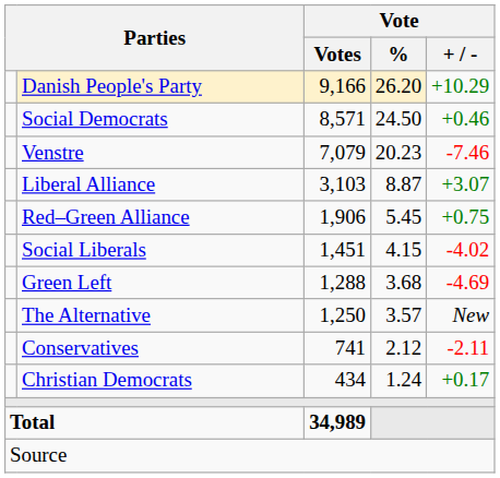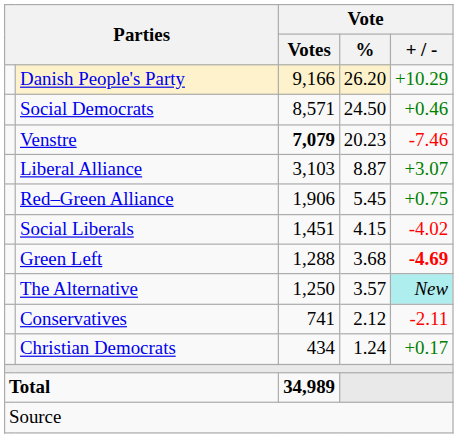 <table class="wikitable" style="text-align:right;">
 <tr>
 <th style="text-align:centre;" rowspan="2" colspan="2" width="225">Parties</th>
 <th colspan="3">Vote</th>
 </tr>
 <tr>
 <th width="15">Votes</th>
 <th width="15">%</th>
 <th width="15">+ / -</th>
 </tr>
 <tr>
 <td width="2" style="color:inherit;background:"></td>
 <td bgcolor=#fef2cc  align="left"><a href='#'>Danish People's Party</a></td>
 <td bgcolor=#fef2cc>9,166</td>
 <td bgcolor=#fef2cc>26.20</td>
 <td style=color:green;>+10.29</td>
 </tr>
 <tr>
 <td width="2" style="color:inherit;background:"></td>
 <td align="left"><a href='#'>Social Democrats</a></td>
 <td>8,571</td>
 <td>24.50</td>
 <td style=color:green;>+0.46</td>
 </tr>
 <tr>
 <td width="2" style="color:inherit;background:"></td>
 <td align="left"><a href='#'>Venstre</a></td>
-<td>7,079</td>
+<td><strong>7,079</strong></td>
 <td>20.23</td>
 <td style=color:red;>-7.46</td>
 </tr>
 <tr>
 <td width="2" style="color:inherit;background:"></td>
 <td align="left"><a href='#'>Liberal Alliance</a></td>
 <td>3,103</td>
 <td>8.87</td>
 <td style=color:green;>+3.07</td>
 </tr>
 <tr>
 <td width="2" style="color:inherit;background:"></td>
 <td align="left"><a href='#'>Red–Green Alliance</a></td>
 <td>1,906</td>
 <td>5.45</td>
 <td style=color:green;>+0.75</td>
 </tr>
 <tr>
 <td width="2" style="color:inherit;background:"></td>
 <td align="left"><a href='#'>Social Liberals</a></td>
 <td>1,451</td>
 <td>4.15</td>
 <td style=color:red;>-4.02</td>
 </tr>
 <tr>
 <td width="2" style="color:inherit;background:"></td>
 <td align="left"><a href='#'>Green Left</a></td>
 <td>1,288</td>
 <td>3.68</td>
-<td style=color:red;>-4.69</td>
+<td style=color:red;><strong>-4.69</strong></td>
 </tr>
 <tr>
 <td width="2" style="color:inherit;background:"></td>
 <td align="left"><a href='#'>The Alternative</a></td>
 <td>1,250</td>
 <td>3.57</td>
-<td><em>New</em></td>
+<td style="background: paleturquoise;"><em>New</em></td>
 </tr>
 <tr>
 <td width="2" style="color:inherit;background:"></td>
 <td align="left"><a href='#'>Conservatives</a></td>
 <td>741</td>
 <td>2.12</td>
 <td style=color:red;>-2.11</td>
 </tr>
 <tr>
 <td width="2" style="color:inherit;background:"></td>
 <td align="left"><a href='#'>Christian Democrats</a></td>
 <td>434</td>
 <td>1.24</td>
 <td style=color:green;>+0.17</td>
 </tr>
 <tr>
 <td colspan="7" bgcolor="#E9E9E9"></td>
 </tr>
 <tr>
 <td align="left" colspan="2"><strong>Total</strong></td>
 <td><strong>34,989</strong></td>
 <td bgcolor="#E9E9E9" colspan="2"></td>
 </tr>
 <tr>
 <td align="left" colspan="6">Source</td>
 </tr>
 </table>
